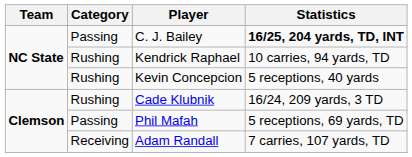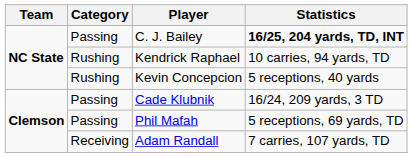 <table class="wikitable" style="float: right;">
 <tr>
 <th>Team</th>
 <th>Category</th>
 <th>Player</th>
 <th>Statistics</th>
 </tr>
 <tr>
 <td rowspan=3><strong>NC State</strong></td>
 <td>Passing</td>
 <td>C. J. Bailey</td>
 <td><strong>16/25, 204 yards, TD, INT</strong></td>
 </tr>
 <tr>
 <td>Rushing</td>
 <td>Kendrick Raphael</td>
 <td>10 carries, 94 yards, TD</td>
 </tr>
 <tr>
 <td>Rushing</td>
 <td>Kevin Concepcion</td>
 <td>5 receptions, 40 yards</td>
 </tr>
 <tr>
 <td rowspan=3><strong>Clemson</strong></td>
-<td>Rushing</td>
+<td>Passing</td>
 <td><a href='#'>Cade Klubnik</a></td>
 <td>16/24, 209 yards, 3 TD</td>
 </tr>
 <tr>
 <td>Passing</td>
 <td><a href='#'>Phil Mafah</a></td>
 <td>5 receptions, 69 yards, TD</td>
 </tr>
 <tr>
 <td>Receiving</td>
 <td><a href='#'>Adam Randall</a></td>
 <td>7 carries, 107 yards, TD</td>
 </tr>
 </table>
